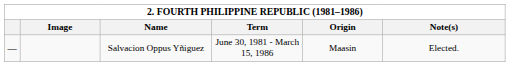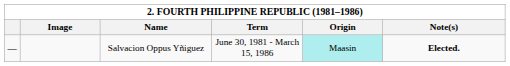 <table class="wikitable collapsible collapsed" style="vertical-align:top;text-align:center;font-size:95%;">
 <tr>
 <th style="background-color:white;font-size:105%;width:51em;" colspan=6>2. FOURTH PHILIPPINE REPUBLIC (1981–1986)</th>
 </tr>
 <tr>
 <th style="width: 1em;text-align:center"></th>
 <th style="width: 7em;text-align:center">Image</th>
 <th style="width: 10em;text-align:center">Name</th>
 <th style="width: 8em;text-align:center">Term</th>
 <th style="width: 7em;text-align:center">Origin</th>
 <th style="width: 11em;text-align:center">Note(s)</th>
 </tr>
 <tr>
 <td>—</td>
 <td></td>
 <td>Salvacion Oppus Yñiguez</td>
 <td>June 30, 1981 - March 15, 1986</td>
-<td>Maasin</td>
-<td>Elected.</td>
+<td style="background: paleturquoise;">Maasin</td>
+<td><strong>Elected.</strong></td>
 </tr>
 </table>
